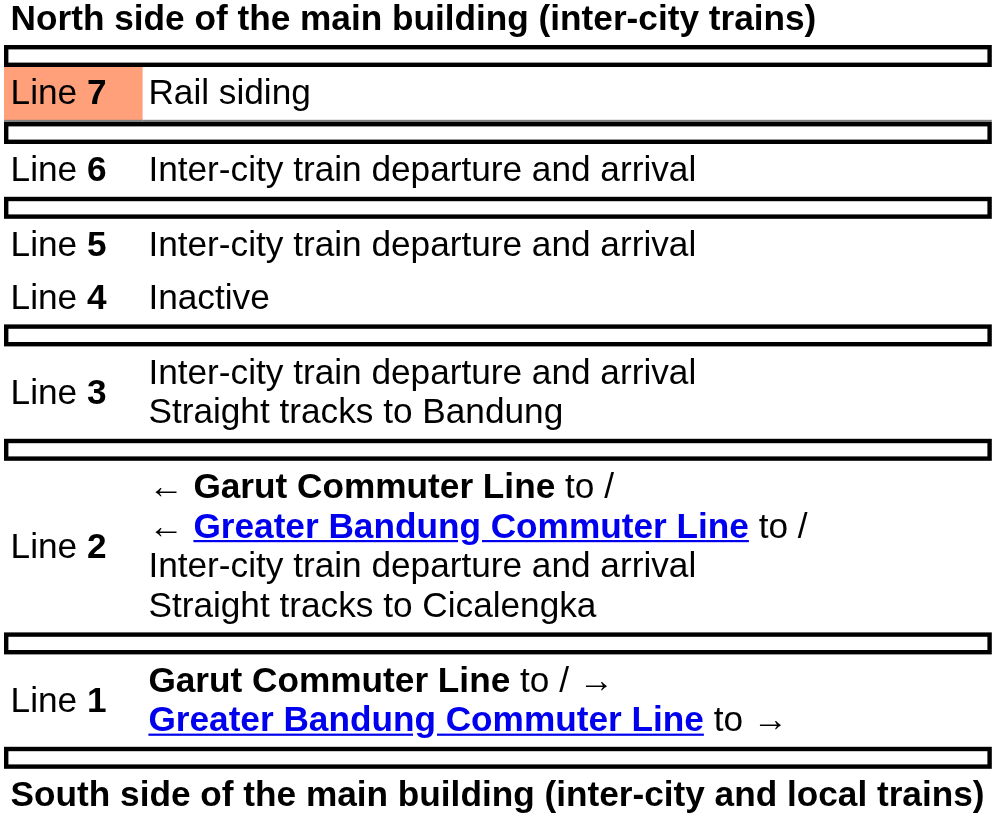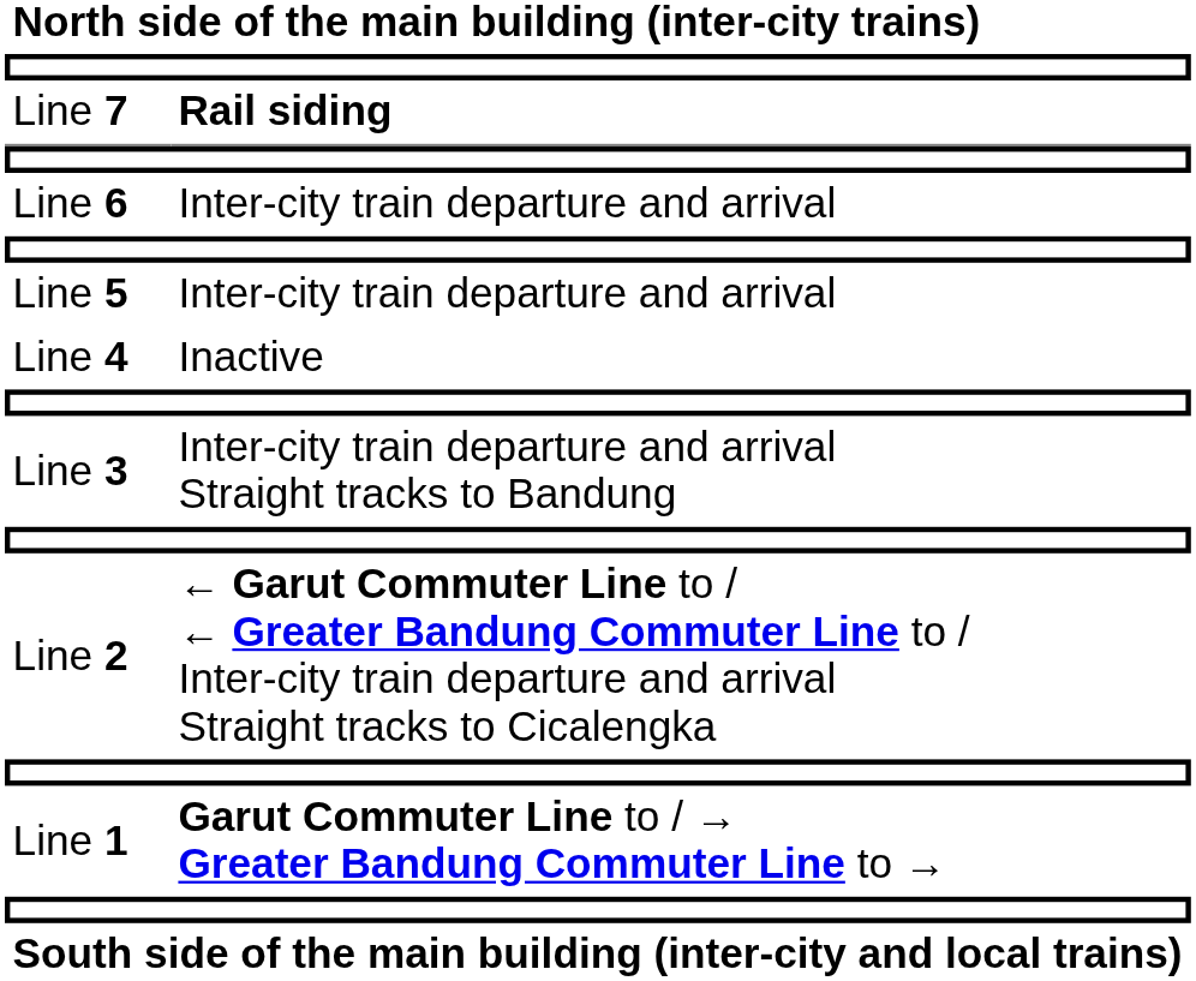 <table cellpadding="3" cellspacing="0">
 <tr>
 <td colspan="2" align="center"> </td>
 </tr>
 <tr>
 <td colspan="2"><strong>North side of the main building (inter-city trains)</strong></td>
 </tr>
 <tr>
 <td colspan="2" style="text-align:center; border-top:solid 2px black;border-left:solid 2px black;border-right:solid 2px black;border-bottom:solid 2px black;"></td>
 </tr>
 <tr>
-<td style="background: lightsalmon; border-bottom:solid 1px gray;">Line <strong>7</strong></td>
-<td style="border-bottom:solid 1px gray;">Rail siding</td>
+<td style="border-bottom:solid 1px gray;">Line <strong>7</strong></td>
+<td style="border-bottom:solid 1px gray;"><strong>Rail siding</strong></td>
 </tr>
 <tr>
 <td colspan="2" style="text-align:center; border-top:solid 2px black;border-left:solid 2px black;border-right:solid 2px black;border-bottom:solid 2px black;"></td>
 </tr>
 <tr>
 <td>Line <strong>6</strong></td>
 <td> Inter-city train departure and arrival</td>
 </tr>
 <tr>
 <td colspan="2" style="text-align:center; border-top:solid 2px black;border-left:solid 2px black;border-right:solid 2px black;border-bottom:solid 2px black;"></td>
 </tr>
 <tr>
 <td>Line <strong>5</strong></td>
 <td> Inter-city train departure and arrival</td>
 </tr>
 <tr>
 <td>Line <strong>4</strong></td>
 <td>Inactive</td>
 </tr>
 <tr>
 <td colspan="2" style="text-align:center; border-top:solid 2px black;border-left:solid 2px black;border-right:solid 2px black;border-bottom:solid 2px black;"></td>
 </tr>
 <tr>
 <td>Line <strong>3</strong></td>
 <td> Inter-city train departure and arrival<br>Straight tracks to Bandung</td>
 </tr>
 <tr>
 <td colspan="2" style="text-align:center; border-top:solid 2px black;border-left:solid 2px black;border-right:solid 2px black;border-bottom:solid 2px black;"></td>
 </tr>
 <tr>
 <td>Line <strong>2</strong></td>
 <td>←   <strong>Garut Commuter Line</strong> to /<br>←   <strong><a href='#'>Greater Bandung Commuter Line</a></strong> to /<br> Inter-city train departure and arrival<br>Straight tracks to Cicalengka</td>
 </tr>
 <tr>
 <td colspan="2" style="text-align:center; border-top:solid 2px black;border-left:solid 2px black;border-right:solid 2px black;border-bottom:solid 2px black;"></td>
 </tr>
 <tr>
 <td>Line <strong>1</strong></td>
 <td> <strong>Garut Commuter Line</strong> to /  →<br> <strong><a href='#'>Greater Bandung Commuter Line</a></strong> to   →</td>
 </tr>
 <tr>
 <td colspan="2" style="text-align:center; border-top:solid 2px black;border-left:solid 2px black;border-right:solid 2px black;border-bottom:solid 2px black;"></td>
 </tr>
 <tr>
 <td colspan="2"><strong>South side of the main building (inter-city and local trains)</strong></td>
 </tr>
 </table>
